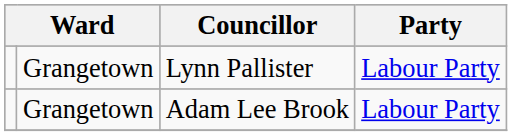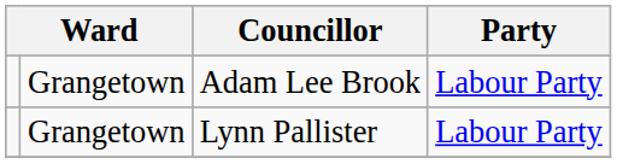 <table class="wikitable">
 <tr>
 <th colspan="2">Ward</th>
 <th>Councillor</th>
 <th>Party</th>
 </tr>
 <tr>
 <td style="background-color: "></td>
 <td>Grangetown</td>
-<td>Lynn Pallister</td>
+<td>Adam Lee Brook</td>
 <td><a href='#'>Labour Party</a></td>
 </tr>
 <tr>
 <td style="background-color: "></td>
 <td>Grangetown</td>
-<td>Adam Lee Brook</td>
+<td>Lynn Pallister</td>
 <td><a href='#'>Labour Party</a></td>
 </tr>
 <tr>
 </tr>
 </table>
